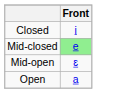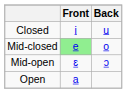 <table class="wikitable" style="text-align: center; display:inline-grid">
 <tr>
 <th></th>
 <th>Front</th>
+<th>Back</th>
 </tr>
 <tr>
 <td>Closed</td>
 <td><a href='#'>i</a></td>
+<td><a href='#'>u</a></td>
 </tr>
 <tr>
 <td>Mid-closed</td>
 <td style="background: lightgreen;"><a href='#'>e</a></td>
+<td><a href='#'>o</a></td>
 </tr>
 <tr>
 <td>Mid-open</td>
 <td><a href='#'>ɛ</a></td>
+<td><a href='#'>ɔ</a></td>
 </tr>
 <tr>
 <td>Open</td>
 <td><a href='#'>a</a></td>
+<td></td>
 </tr>
 </table>
